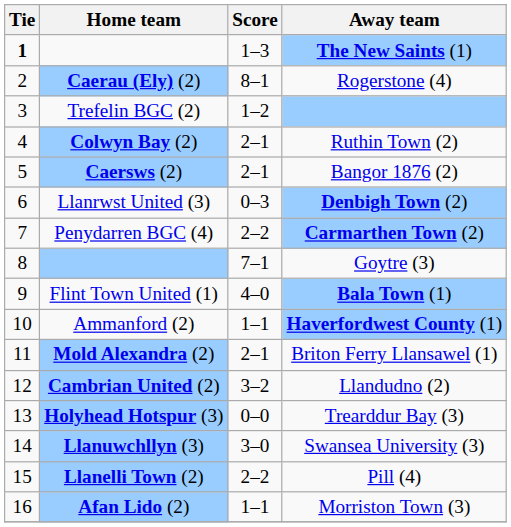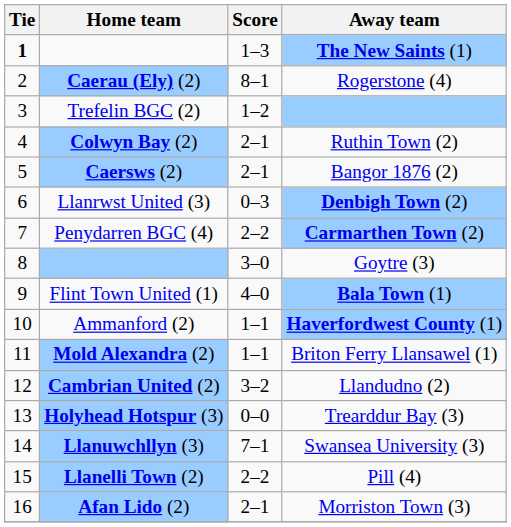 <table class="wikitable" style="text-align:center">
 <tr>
 <th>Tie</th>
 <th>Home team</th>
 <th>Score</th>
 <th>Away team</th>
 </tr>
 <tr>
 <td><strong>1</strong></td>
 <td></td>
 <td>1–3</td>
 <td style="background:#9acdff;"><strong><a href='#'>The New Saints</a></strong> (1)</td>
 </tr>
 <tr>
 <td>2</td>
 <td style="background:#9acdff;"><strong><a href='#'>Caerau (Ely)</a></strong> (2)</td>
 <td>8–1</td>
 <td><a href='#'>Rogerstone</a> (4)</td>
 </tr>
 <tr>
 <td>3</td>
 <td><a href='#'>Trefelin BGC</a> (2)</td>
 <td>1–2</td>
 <td style="background:#9acdff;"></td>
 </tr>
 <tr>
 <td>4</td>
 <td style="background:#9acdff;"><strong><a href='#'>Colwyn Bay</a></strong> (2)</td>
 <td>2–1</td>
 <td><a href='#'>Ruthin Town</a> (2)</td>
 </tr>
 <tr>
 <td>5</td>
 <td style="background:#9acdff;"><strong><a href='#'>Caersws</a></strong> (2)</td>
 <td>2–1</td>
 <td><a href='#'>Bangor 1876</a> (2)</td>
 </tr>
 <tr>
 <td>6</td>
 <td><a href='#'>Llanrwst United</a> (3)</td>
 <td>0–3</td>
 <td style="background:#9acdff;"><strong><a href='#'>Denbigh Town</a></strong> (2)</td>
 </tr>
 <tr>
 <td>7</td>
 <td><a href='#'>Penydarren BGC</a> (4)</td>
 <td>2–2 </td>
 <td style="background:#9acdff;"><strong><a href='#'>Carmarthen Town</a></strong> (2)</td>
 </tr>
 <tr>
 <td>8</td>
 <td style="background:#9acdff;"></td>
-<td>7–1</td>
+<td>3–0</td>
 <td><a href='#'>Goytre</a> (3)</td>
 </tr>
 <tr>
 <td>9</td>
 <td><a href='#'>Flint Town United</a> (1)</td>
 <td>4–0</td>
 <td style="background:#9acdff;"><strong><a href='#'>Bala Town</a></strong> (1)</td>
 </tr>
 <tr>
 <td>10</td>
 <td><a href='#'>Ammanford</a> (2)</td>
 <td>1–1 </td>
 <td style="background:#9acdff;"><strong><a href='#'>Haverfordwest County</a></strong> (1)</td>
 </tr>
 <tr>
 <td>11</td>
 <td style="background:#9acdff;"><strong><a href='#'>Mold Alexandra</a></strong> (2)</td>
-<td>2–1</td>
+<td>1–1 </td>
 <td><a href='#'>Briton Ferry Llansawel</a> (1)</td>
 </tr>
 <tr>
 <td>12</td>
 <td style="background:#9acdff;"><strong><a href='#'>Cambrian United</a></strong> (2)</td>
 <td>3–2</td>
 <td><a href='#'>Llandudno</a> (2)</td>
 </tr>
 <tr>
 <td>13</td>
 <td style="background:#9acdff;"><strong><a href='#'>Holyhead Hotspur</a></strong> (3)</td>
 <td>0–0 </td>
 <td><a href='#'>Trearddur Bay</a> (3)</td>
 </tr>
 <tr>
 <td>14</td>
 <td style="background:#9acdff;"><strong><a href='#'>Llanuwchllyn</a></strong> (3)</td>
-<td>3–0</td>
+<td>7–1</td>
 <td><a href='#'>Swansea University</a> (3)</td>
 </tr>
 <tr>
 <td>15</td>
 <td style="background:#9acdff;"><strong><a href='#'>Llanelli Town</a></strong> (2)</td>
 <td>2–2 </td>
 <td><a href='#'>Pill</a> (4)</td>
 </tr>
 <tr>
 <td>16</td>
 <td style="background:#9acdff;"><strong><a href='#'>Afan Lido</a></strong> (2)</td>
-<td>1–1 </td>
+<td>2–1</td>
 <td><a href='#'>Morriston Town</a> (3)</td>
 </tr>
 <tr>
 </tr>
 </table>
